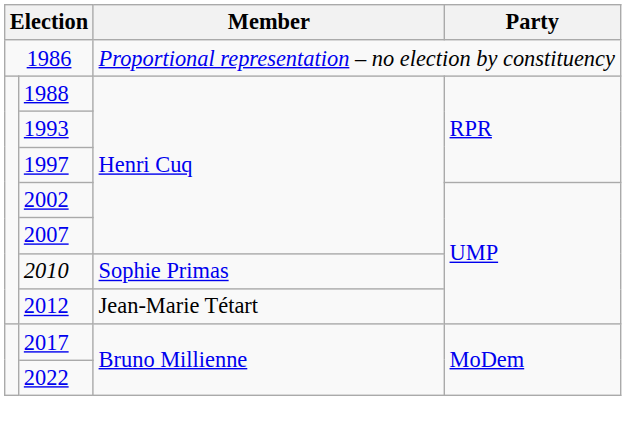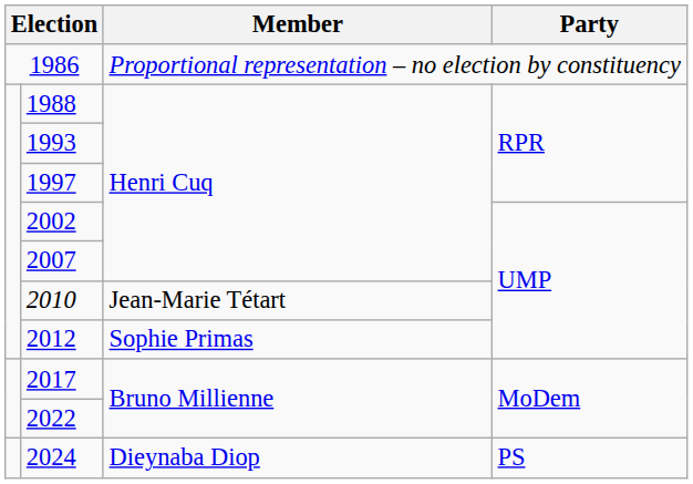 <table class="wikitable">
 <tr>
 <th colspan=2>Election</th>
 <th>Member</th>
 <th>Party</th>
 </tr>
 <tr>
 <td colspan=2 align="center"><a href='#'>1986</a></td>
 <td colspan=2><em><a href='#'>Proportional representation</a> – no election by constituency</em></td>
 </tr>
 <tr>
 <td rowspan="7" style="color:inherit;background-color: "></td>
 <td><a href='#'>1988</a></td>
 <td rowspan="5"><a href='#'>Henri Cuq</a></td>
 <td rowspan="3"><a href='#'>RPR</a></td>
 </tr>
 <tr>
 <td><a href='#'>1993</a></td>
 </tr>
 <tr>
 <td><a href='#'>1997</a></td>
 </tr>
 <tr>
 <td><a href='#'>2002</a></td>
 <td rowspan="4"><a href='#'>UMP</a></td>
 </tr>
 <tr>
 <td><a href='#'>2007</a></td>
 </tr>
 <tr>
 <td><em>2010</em></td>
-<td><a href='#'>Sophie Primas</a></td>
+<td>Jean-Marie Tétart</td>
 </tr>
 <tr>
 <td><a href='#'>2012</a></td>
-<td>Jean-Marie Tétart</td>
+<td><a href='#'>Sophie Primas</a></td>
 </tr>
 <tr>
 <td rowspan="2" style="color:inherit;background-color: "></td>
 <td><a href='#'>2017</a></td>
 <td rowspan="2"><a href='#'>Bruno Millienne</a></td>
 <td rowspan="2"><a href='#'>MoDem</a></td>
 </tr>
 <tr>
 <td><a href='#'>2022</a></td>
 </tr>
+<tr>
+<td style="color:inherit;background-color: "></td>
+<td><a href='#'>2024</a></td>
+<td><a href='#'>Dieynaba Diop</a></td>
+<td><a href='#'>PS</a></td>
+</tr>
 </table>
